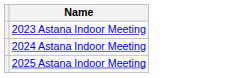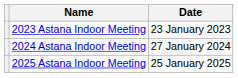 <table class="wikitable plainrowheaders">
 <tr>
 <th scope="col"></th>
 <th scope="col">Name</th>
+<th scope="col">Date</th>
 </tr>
 <tr>
 <th scope="row"></th>
 <td><a href='#'>2023 Astana Indoor Meeting</a></td>
+<td>23 January 2023</td>
 </tr>
 <tr>
 <th scope="row"></th>
 <td><a href='#'>2024 Astana Indoor Meeting</a></td>
+<td>27 January 2024</td>
 </tr>
 <tr>
 <th scope="row"></th>
 <td><a href='#'>2025 Astana Indoor Meeting</a></td>
+<td>25 January 2025</td>
 </tr>
 </table>
